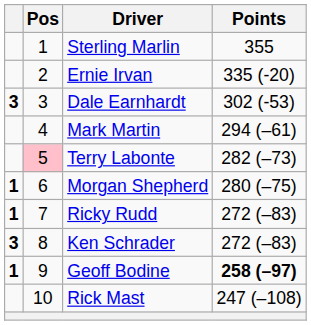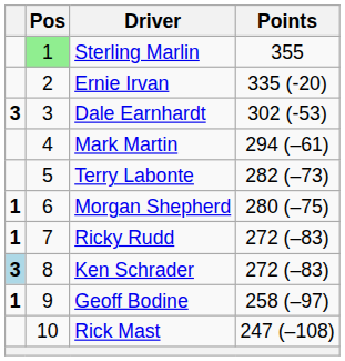 <table class="wikitable" style="font-size: 95%;">
 <tr>
 <th></th>
 <th>Pos</th>
 <th>Driver</th>
 <th>Points</th>
 </tr>
 <tr>
 <td align="left"></td>
-<td style="text-align:center;">1</td>
+<td style="background: lightgreen; text-align:center;">1</td>
 <td><a href='#'>Sterling Marlin</a></td>
 <td style="text-align:center;">355</td>
 </tr>
 <tr>
 <td align="left"></td>
 <td style="text-align:center;">2</td>
 <td><a href='#'>Ernie Irvan</a></td>
 <td style="text-align:center;">335 (-20)</td>
 </tr>
 <tr>
 <td align="left"> <strong>3</strong></td>
 <td style="text-align:center;">3</td>
 <td><a href='#'>Dale Earnhardt</a></td>
 <td style="text-align:center;">302 (-53)</td>
 </tr>
 <tr>
 <td align="left"></td>
 <td style="text-align:center;">4</td>
 <td><a href='#'>Mark Martin</a></td>
 <td style="text-align:center;">294 (–61)</td>
 </tr>
 <tr>
 <td align="left"></td>
-<td style="background: pink; text-align:center;">5</td>
+<td style="text-align:center;">5</td>
 <td><a href='#'>Terry Labonte</a></td>
 <td style="text-align:center;">282 (–73)</td>
 </tr>
 <tr>
 <td align="left"><strong>1</strong></td>
 <td style="text-align:center;">6</td>
 <td><a href='#'>Morgan Shepherd</a></td>
 <td style="text-align:center;">280 (–75)</td>
 </tr>
 <tr>
 <td align="left">  <strong>1</strong></td>
 <td style="text-align:center;">7</td>
 <td><a href='#'>Ricky Rudd</a></td>
 <td style="text-align:center;">272 (–83)</td>
 </tr>
 <tr>
-<td align="left"> <strong>3</strong></td>
+<td align="left" style="background: lightblue;"> <strong>3</strong></td>
 <td style="text-align:center;">8</td>
 <td><a href='#'>Ken Schrader</a></td>
 <td style="text-align:center;">272 (–83)</td>
 </tr>
 <tr>
 <td align="left"> <strong>1</strong></td>
 <td style="text-align:center;">9</td>
 <td><a href='#'>Geoff Bodine</a></td>
-<td style="text-align:center;"><strong>258 (–97)</strong></td>
+<td style="text-align:center;">258 (–97)</td>
 </tr>
 <tr>
 <td align="left"></td>
 <td style="text-align:center;">10</td>
 <td><a href='#'>Rick Mast</a></td>
 <td style="text-align:center;">247 (–108)</td>
 </tr>
 <tr class="sortbottom">
 <th colspan="9"></th>
 </tr>
 </table>
